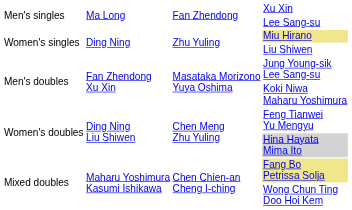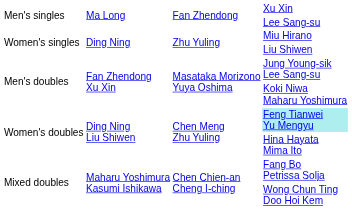 <table>
 <tr>
 <td rowspan=2>Men's singles <br></td>
 <td rowspan=2> <a href='#'>Ma Long</a></td>
 <td rowspan=2> <a href='#'>Fan Zhendong</a></td>
 <td> <a href='#'>Xu Xin</a></td>
 </tr>
 <tr>
 <td> <a href='#'>Lee Sang-su</a></td>
 </tr>
 <tr>
 <td rowspan=2>Women's singles <br></td>
 <td rowspan=2> <a href='#'>Ding Ning</a></td>
 <td rowspan=2> <a href='#'>Zhu Yuling</a></td>
-<td style="background: khaki;"> <a href='#'>Miu Hirano</a></td>
+<td> <a href='#'>Miu Hirano</a></td>
 </tr>
 <tr>
 <td> <a href='#'>Liu Shiwen</a></td>
 </tr>
 <tr>
 <td rowspan=2>Men's doubles <br></td>
 <td rowspan=2> <a href='#'>Fan Zhendong</a><br> <a href='#'>Xu Xin</a></td>
 <td rowspan=2> <a href='#'>Masataka Morizono</a><br> <a href='#'>Yuya Oshima</a></td>
 <td> <a href='#'>Jung Young-sik</a><br> <a href='#'>Lee Sang-su</a></td>
 </tr>
 <tr>
 <td> <a href='#'>Koki Niwa</a><br> <a href='#'>Maharu Yoshimura</a></td>
 </tr>
 <tr>
 <td rowspan=2>Women's doubles <br></td>
 <td rowspan=2> <a href='#'>Ding Ning</a><br> <a href='#'>Liu Shiwen</a></td>
 <td rowspan=2> <a href='#'>Chen Meng</a><br> <a href='#'>Zhu Yuling</a></td>
-<td> <a href='#'>Feng Tianwei</a><br> <a href='#'>Yu Mengyu</a></td>
+<td style="background: paleturquoise;"> <a href='#'>Feng Tianwei</a><br> <a href='#'>Yu Mengyu</a></td>
 </tr>
 <tr>
-<td style="background: lightgrey;"> <a href='#'>Hina Hayata</a><br> <a href='#'>Mima Ito</a></td>
+<td> <a href='#'>Hina Hayata</a><br> <a href='#'>Mima Ito</a></td>
 </tr>
 <tr>
 <td rowspan=2>Mixed doubles <br></td>
 <td rowspan=2> <a href='#'>Maharu Yoshimura</a><br> <a href='#'>Kasumi Ishikawa</a></td>
 <td rowspan=2> <a href='#'>Chen Chien-an</a><br> <a href='#'>Cheng I-ching</a></td>
-<td style="background: khaki;"> <a href='#'>Fang Bo</a><br> <a href='#'>Petrissa Solja</a></td>
+<td> <a href='#'>Fang Bo</a><br> <a href='#'>Petrissa Solja</a></td>
 </tr>
 <tr>
 <td> <a href='#'>Wong Chun Ting</a><br> <a href='#'>Doo Hoi Kem</a></td>
 </tr>
 </table>
